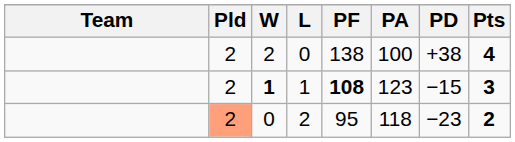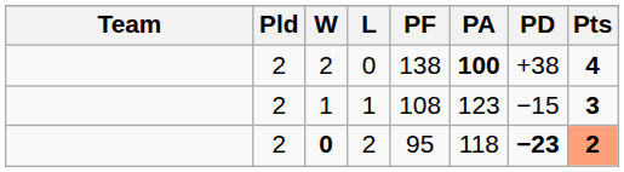 <table class=wikitable>
 <tr align=center>
 </tr>
 <tr>
 <th width=150>Team</th>
 <th width=20>Pld</th>
 <th width=20>W</th>
 <th width=20>L</th>
 <th width=30>PF</th>
 <th width=30>PA</th>
 <th width=30>PD</th>
 <th width=20>Pts</th>
 </tr>
 <tr align=center>
 <td align=left></td>
 <td>2</td>
 <td>2</td>
 <td>0</td>
 <td>138</td>
-<td>100</td>
+<td><strong>100</strong></td>
 <td>+38</td>
 <td><strong>4</strong></td>
 </tr>
 <tr align=center>
 <td align=left></td>
 <td>2</td>
-<td><strong>1</strong></td>
 <td>1</td>
-<td><strong>108</strong></td>
+<td>1</td>
+<td>108</td>
 <td>123</td>
 <td>−15</td>
 <td><strong>3</strong></td>
 </tr>
 <tr align=center>
 <td align=left></td>
-<td style="background: lightsalmon;">2</td>
-<td>0</td>
+<td>2</td>
+<td><strong>0</strong></td>
 <td>2</td>
 <td>95</td>
 <td>118</td>
-<td>−23</td>
-<td><strong>2</strong></td>
+<td><strong>−23</strong></td>
+<td style="background: lightsalmon;"><strong>2</strong></td>
 </tr>
 </table>
